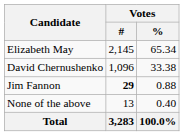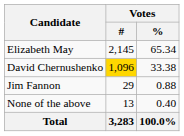 <table class="wikitable">
 <tr>
 <th rowspan=2>Candidate</th>
 <th colspan=2>Votes</th>
 </tr>
 <tr>
 <th>#</th>
 <th>%</th>
 </tr>
 <tr>
 <td>Elizabeth May</td>
 <td align=right>2,145</td>
 <td align=right>65.34</td>
 </tr>
 <tr>
 <td>David Chernushenko</td>
-<td align=right>1,096</td>
+<td align=right style="background: gold;">1,096</td>
 <td align=right>33.38</td>
 </tr>
 <tr>
 <td>Jim Fannon</td>
-<td align=right><strong>29</strong></td>
+<td align=right>29</td>
 <td align=right>0.88</td>
 </tr>
 <tr>
 <td>None of the above</td>
 <td align=right>13</td>
 <td align=right>0.40</td>
 </tr>
 <tr>
 <th>Total</th>
 <th align=right>3,283</th>
 <th align=right>100.0%</th>
 </tr>
 </table>
